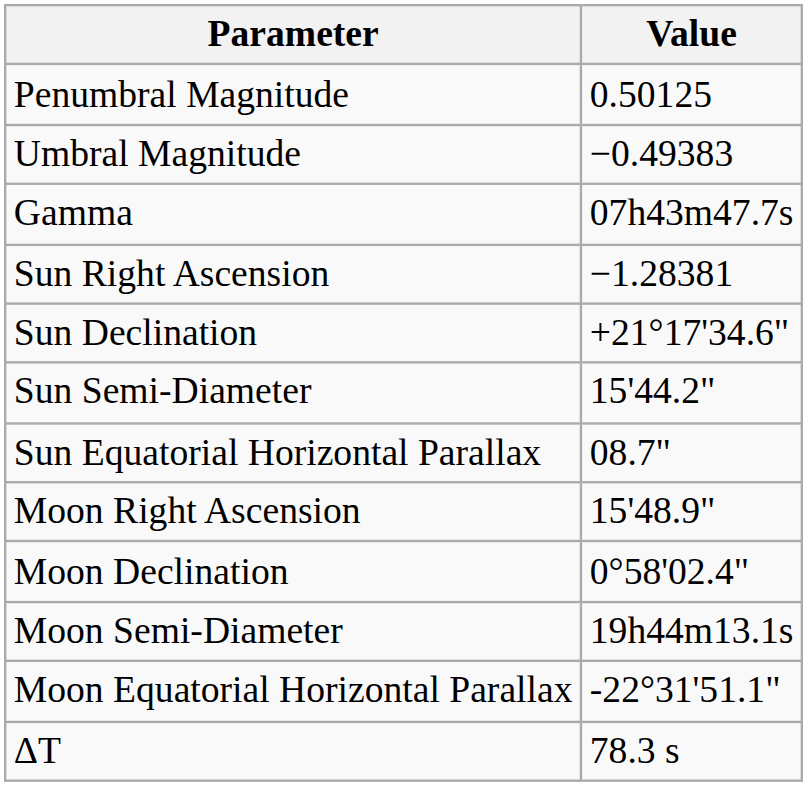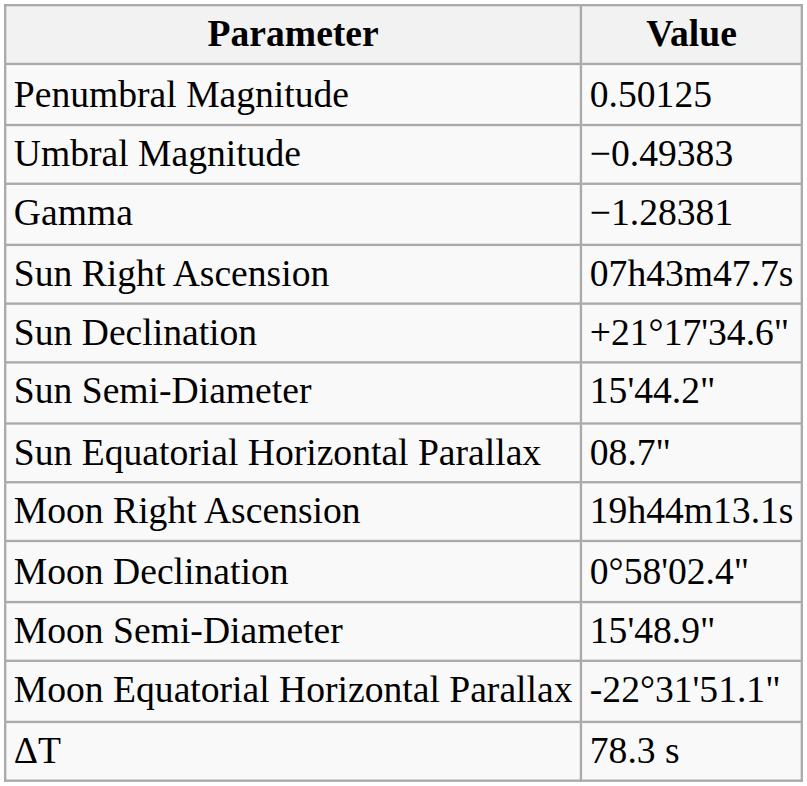 <table class="wikitable">
 <tr>
 <th>Parameter</th>
 <th>Value</th>
 </tr>
 <tr>
 <td>Penumbral Magnitude</td>
 <td>0.50125</td>
 </tr>
 <tr>
 <td>Umbral Magnitude</td>
 <td>−0.49383</td>
 </tr>
 <tr>
 <td>Gamma</td>
-<td>07h43m47.7s</td>
+<td>−1.28381</td>
 </tr>
 <tr>
 <td>Sun Right Ascension</td>
-<td>−1.28381</td>
+<td>07h43m47.7s</td>
 </tr>
 <tr>
 <td>Sun Declination</td>
 <td>+21°17'34.6"</td>
 </tr>
 <tr>
 <td>Sun Semi-Diameter</td>
 <td>15'44.2"</td>
 </tr>
 <tr>
 <td>Sun Equatorial Horizontal Parallax</td>
 <td>08.7"</td>
 </tr>
 <tr>
 <td>Moon Right Ascension</td>
-<td>15'48.9"</td>
+<td>19h44m13.1s</td>
 </tr>
 <tr>
 <td>Moon Declination</td>
 <td>0°58'02.4"</td>
 </tr>
 <tr>
 <td>Moon Semi-Diameter</td>
-<td>19h44m13.1s</td>
+<td>15'48.9"</td>
 </tr>
 <tr>
 <td>Moon Equatorial Horizontal Parallax</td>
 <td>-22°31'51.1"</td>
 </tr>
 <tr>
 <td>ΔT</td>
 <td>78.3 s</td>
 </tr>
 </table>
